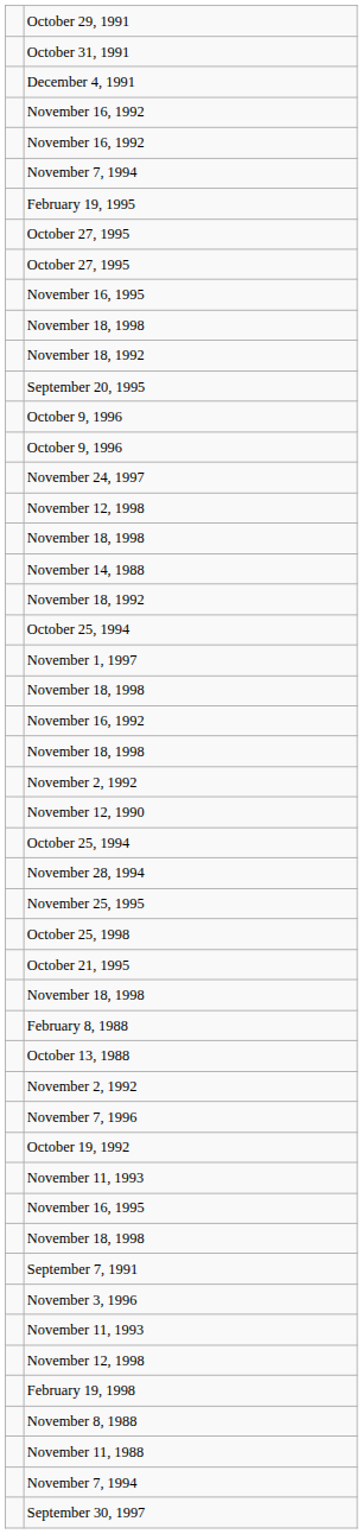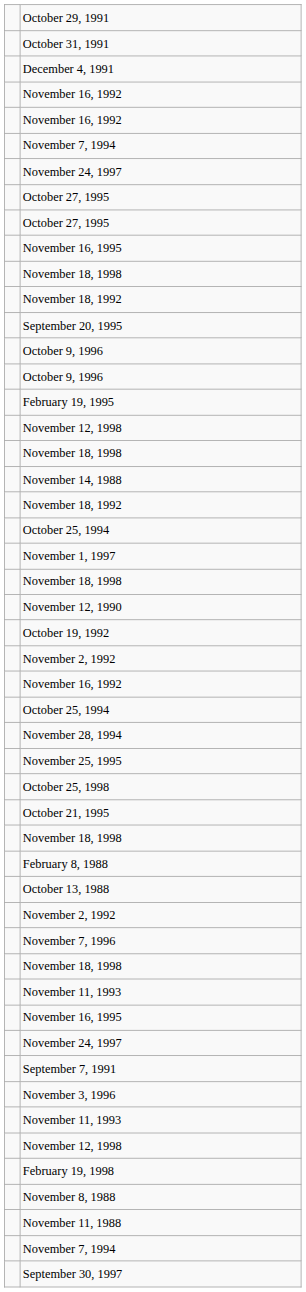 <table class="wikitable" style="font-size: 89%; float: left; width: 24em; margin-right: 1em; line-height: 1.6em !important;  height: 1250px;">
 <tr>
 <td></td>
 <td>October 29, 1991</td>
 </tr>
 <tr>
 <td></td>
 <td>October 31, 1991</td>
 </tr>
 <tr>
 <td></td>
 <td>December 4, 1991</td>
 </tr>
 <tr>
 <td></td>
 <td>November 16, 1992</td>
 </tr>
 <tr>
 <td></td>
 <td>November 16, 1992</td>
 </tr>
 <tr>
 <td></td>
 <td>November 7, 1994</td>
 </tr>
 <tr>
 <td></td>
-<td>February 19, 1995</td>
+<td>November 24, 1997</td>
 </tr>
 <tr>
 <td></td>
 <td>October 27, 1995</td>
 </tr>
 <tr>
 <td></td>
 <td>October 27, 1995</td>
 </tr>
 <tr>
 <td></td>
 <td>November 16, 1995</td>
 </tr>
 <tr>
 <td></td>
 <td>November 18, 1998</td>
 </tr>
 <tr>
 <td></td>
 <td>November 18, 1992</td>
 </tr>
 <tr>
 <td></td>
 <td>September 20, 1995</td>
 </tr>
 <tr>
 <td></td>
 <td>October 9, 1996</td>
 </tr>
 <tr>
 <td></td>
 <td>October 9, 1996</td>
 </tr>
 <tr>
 <td></td>
-<td>November 24, 1997</td>
+<td>February 19, 1995</td>
 </tr>
 <tr>
 <td></td>
 <td>November 12, 1998</td>
 </tr>
 <tr>
 <td></td>
 <td>November 18, 1998</td>
 </tr>
 <tr>
 <td></td>
 <td>November 14, 1988</td>
 </tr>
 <tr>
 <td></td>
 <td>November 18, 1992</td>
 </tr>
 <tr>
 <td></td>
 <td>October 25, 1994</td>
 </tr>
 <tr>
 <td></td>
 <td>November 1, 1997</td>
 </tr>
 <tr>
 <td></td>
 <td>November 18, 1998</td>
 </tr>
 <tr>
 <td></td>
-<td>November 16, 1992</td>
+<td>November 12, 1990</td>
 </tr>
 <tr>
 <td></td>
-<td>November 18, 1998</td>
+<td>October 19, 1992</td>
 </tr>
 <tr>
 <td></td>
 <td>November 2, 1992</td>
 </tr>
 <tr>
 <td></td>
-<td>November 12, 1990</td>
+<td>November 16, 1992</td>
 </tr>
 <tr>
 <td></td>
 <td>October 25, 1994</td>
 </tr>
 <tr>
 <td></td>
 <td>November 28, 1994</td>
 </tr>
 <tr>
 <td></td>
 <td>November 25, 1995</td>
 </tr>
 <tr>
 <td></td>
 <td>October 25, 1998</td>
 </tr>
 <tr>
 <td></td>
 <td>October 21, 1995</td>
 </tr>
 <tr>
 <td></td>
 <td>November 18, 1998</td>
 </tr>
 <tr>
 <td></td>
 <td>February 8, 1988</td>
 </tr>
 <tr>
 <td></td>
 <td>October 13, 1988</td>
 </tr>
 <tr>
 <td></td>
 <td>November 2, 1992</td>
 </tr>
 <tr>
 <td></td>
 <td>November 7, 1996</td>
 </tr>
 <tr>
 <td></td>
-<td>October 19, 1992</td>
+<td>November 18, 1998</td>
 </tr>
 <tr>
 <td></td>
 <td>November 11, 1993</td>
 </tr>
 <tr>
 <td></td>
 <td>November 16, 1995</td>
 </tr>
 <tr>
 <td></td>
-<td>November 18, 1998</td>
+<td>November 24, 1997</td>
 </tr>
 <tr>
 <td></td>
 <td>September 7, 1991</td>
 </tr>
 <tr>
 <td></td>
 <td>November 3, 1996</td>
 </tr>
 <tr>
 <td></td>
 <td>November 11, 1993</td>
 </tr>
 <tr>
 <td></td>
 <td>November 12, 1998</td>
 </tr>
 <tr>
 <td></td>
 <td>February 19, 1998</td>
 </tr>
 <tr>
 <td></td>
 <td>November 8, 1988</td>
 </tr>
 <tr>
 <td></td>
 <td>November 11, 1988</td>
 </tr>
 <tr>
 <td></td>
 <td>November 7, 1994</td>
 </tr>
 <tr>
 <td></td>
 <td>September 30, 1997</td>
 </tr>
 </table>
